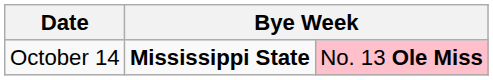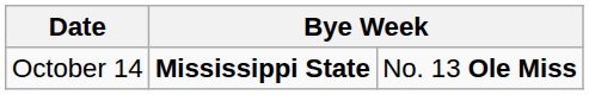 <table class="wikitable" style="font-size:95%;">
 <tr>
 <th>Date</th>
 <th colspan="2">Bye Week</th>
 </tr>
 <tr>
 <td>October 14</td>
 <td><strong>Mississippi State</strong></td>
-<td style="background: pink;">No. 13 <strong>Ole Miss</strong></td>
+<td>No. 13 <strong>Ole Miss</strong></td>
 </tr>
 </table>
